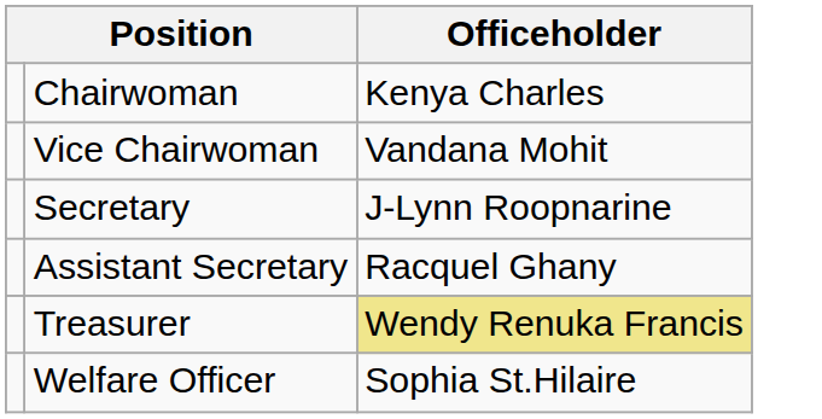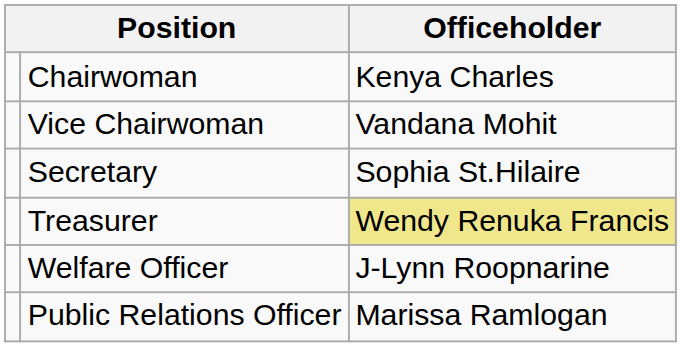 <table class="wikitable sortable" style="text-align: left">
 <tr>
 <th colspan="2">Position</th>
 <th>Officeholder</th>
 </tr>
 <tr>
 <td width="1"></td>
 <td>Chairwoman</td>
 <td>Kenya Charles</td>
 </tr>
 <tr>
 <td width="1"></td>
 <td>Vice Chairwoman</td>
 <td>Vandana Mohit</td>
 </tr>
 <tr>
 <td width="1"></td>
 <td>Secretary</td>
-<td>J-Lynn Roopnarine</td>
-</tr>
-<tr>
-<td width="1"></td>
-<td>Assistant Secretary</td>
-<td>Racquel Ghany</td>
+<td>Sophia St.Hilaire</td>
 </tr>
 <tr>
 <td width="1"></td>
 <td>Treasurer</td>
 <td style="background: khaki;">Wendy Renuka Francis</td>
 </tr>
 <tr>
 <td width="1"></td>
 <td>Welfare Officer</td>
-<td>Sophia St.Hilaire</td>
+<td>J-Lynn Roopnarine</td>
+</tr>
+<tr>
+<td width="1"></td>
+<td>Public Relations Officer</td>
+<td>Marissa Ramlogan</td>
 </tr>
 </table>
